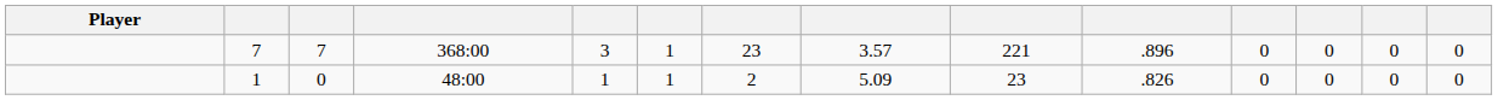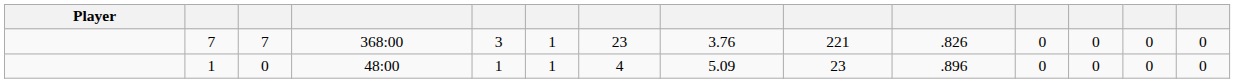 <table class="wikitable sortable" style="width:100%; text-align:center;">
 <tr style="text-align:center; background:#ddd;">
 <th>Player</th>
 <th></th>
 <th></th>
 <th></th>
 <th></th>
 <th></th>
 <th></th>
 <th></th>
 <th></th>
 <th></th>
 <th></th>
 <th></th>
 <th></th>
 <th></th>
 </tr>
 <tr>
 <td style=white-space:nowrap></td>
 <td>7</td>
 <td>7</td>
 <td>368:00</td>
 <td>3</td>
 <td>1</td>
 <td>23</td>
-<td>3.57</td>
+<td>3.76</td>
 <td>221</td>
-<td>.896</td>
+<td>.826</td>
 <td>0</td>
 <td>0</td>
 <td>0</td>
 <td>0</td>
 </tr>
 <tr>
 <td style=white-space:nowrap></td>
 <td>1</td>
 <td>0</td>
 <td>48:00</td>
 <td>1</td>
 <td>1</td>
-<td>2</td>
+<td>4</td>
 <td>5.09</td>
 <td>23</td>
-<td>.826</td>
+<td>.896</td>
 <td>0</td>
 <td>0</td>
 <td>0</td>
 <td>0</td>
 </tr>
 </table>
